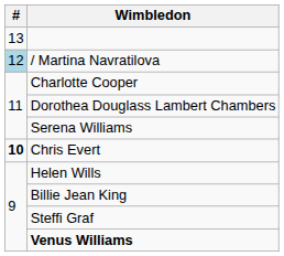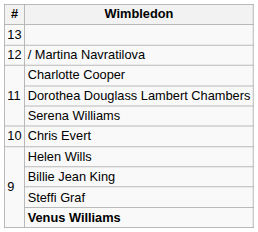 <table class="wikitable">
 <tr>
 <th style="width:18px;">#</th>
 <th>Wimbledon</th>
 </tr>
 <tr>
 <td>13</td>
 <td></td>
 </tr>
 <tr>
-<td style="background: lightblue;">12</td>
+<td>12</td>
 <td>/ Martina Navratilova</td>
 </tr>
 <tr>
 <td rowspan="3">11</td>
 <td> Charlotte Cooper</td>
 </tr>
 <tr>
 <td> Dorothea Douglass Lambert Chambers</td>
 </tr>
 <tr>
 <td> Serena Williams</td>
 </tr>
 <tr>
-<td><strong>10</strong></td>
+<td>10</td>
 <td> Chris Evert</td>
 </tr>
 <tr>
 <td rowspan="4">9</td>
 <td> Helen Wills</td>
 </tr>
 <tr>
 <td> Billie Jean King</td>
 </tr>
 <tr>
 <td> Steffi Graf</td>
 </tr>
 <tr>
 <td> <strong>Venus Williams</strong></td>
 </tr>
 </table>
